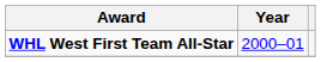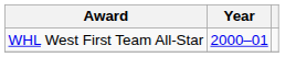 <table class="wikitable">
 <tr>
 <th>Award</th>
 <th>Year</th>
 <th></th>
 </tr>
 <tr>
-<td><strong><a href='#'>WHL</a> West First Team All-Star</strong></td>
+<td><a href='#'>WHL</a> West First Team All-Star</td>
 <td><a href='#'>2000–01</a></td>
 <td></td>
 </tr>
 <tr>
 </tr>
 </table>
